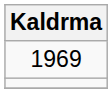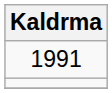 <table class="wikitable" style="margin: 0.5em auto; text-align: center;">
 <tr>
 <th colspan="1">Kaldrma</th>
 </tr>
 <tr>
-<td>1969</td>
+<td>1991</td>
 </tr>
 <tr>
 <td></td>
 </tr>
 <tr>
 </tr>
 </table>
